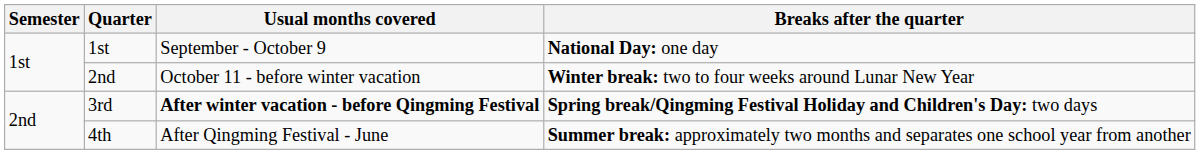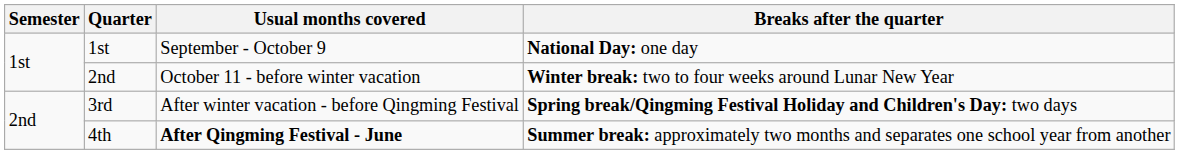 <table class="wikitable">
 <tr>
 <th>Semester</th>
 <th>Quarter</th>
 <th>Usual months covered</th>
 <th>Breaks after the quarter</th>
 </tr>
 <tr>
 <td rowspan="2">1st</td>
 <td>1st</td>
 <td>September - October 9</td>
 <td><strong>National Day:</strong> one day</td>
 </tr>
 <tr>
 <td>2nd</td>
 <td>October 11 - before winter vacation</td>
 <td><strong>Winter break:</strong> two to four weeks around Lunar New Year</td>
 </tr>
 <tr>
 <td rowspan="2">2nd</td>
 <td>3rd</td>
-<td><strong>After winter vacation - before Qingming Festival</strong></td>
+<td>After winter vacation - before Qingming Festival</td>
 <td><strong>Spring break/Qingming Festival Holiday and Children's Day:</strong> two days</td>
 </tr>
 <tr>
 <td>4th</td>
-<td>After Qingming Festival - June</td>
+<td><strong>After Qingming Festival - June</strong></td>
 <td><strong>Summer break:</strong> approximately two months and separates one school year from another</td>
 </tr>
 </table>
